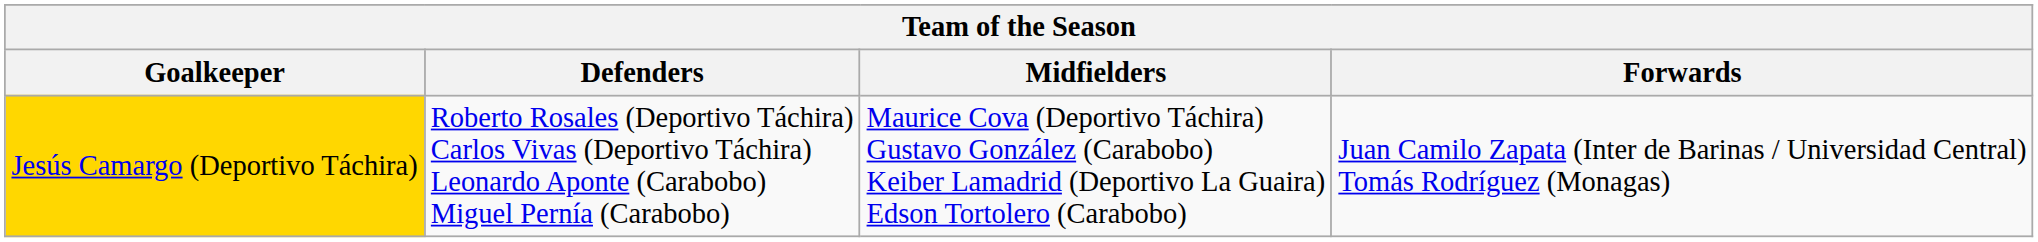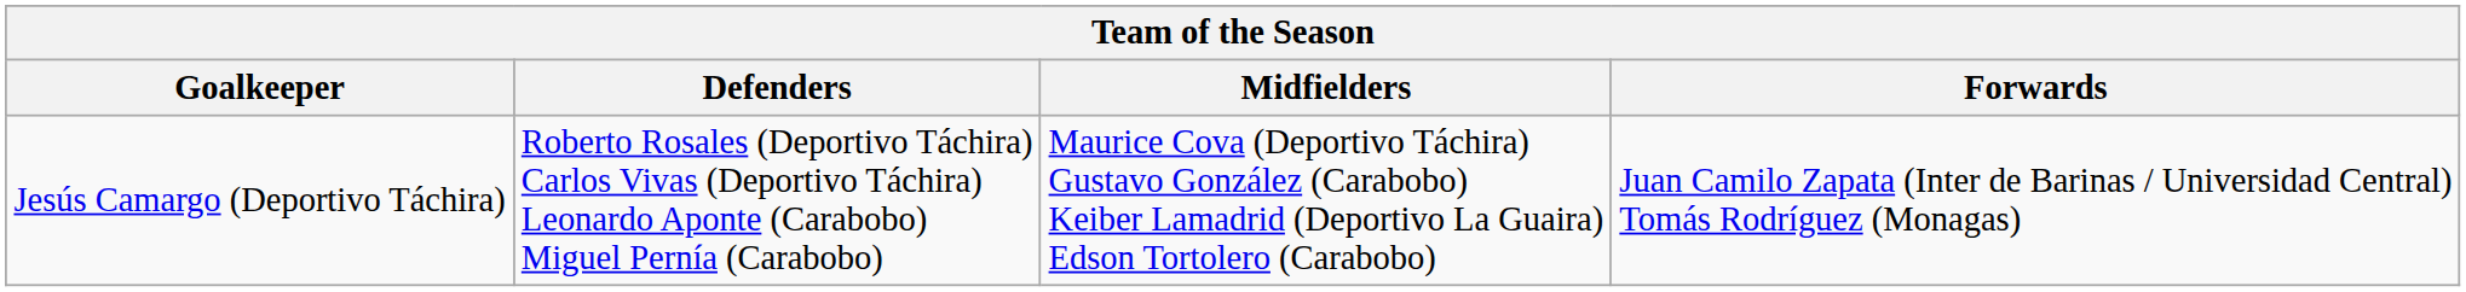 <table class="wikitable">
 <tr>
 <th colspan="13">Team of the Season</th>
 </tr>
 <tr>
 <th>Goalkeeper</th>
 <th>Defenders</th>
 <th>Midfielders</th>
 <th>Forwards</th>
 </tr>
 <tr>
-<td style="background: gold;"> <a href='#'>Jesús Camargo</a> (Deportivo Táchira)</td>
+<td> <a href='#'>Jesús Camargo</a> (Deportivo Táchira)</td>
 <td> <a href='#'>Roberto Rosales</a> (Deportivo Táchira)<br> <a href='#'>Carlos Vivas</a> (Deportivo Táchira)<br> <a href='#'>Leonardo Aponte</a> (Carabobo)<br> <a href='#'>Miguel Pernía</a> (Carabobo)</td>
 <td> <a href='#'>Maurice Cova</a> (Deportivo Táchira)<br> <a href='#'>Gustavo González</a> (Carabobo)<br> <a href='#'>Keiber Lamadrid</a> (Deportivo La Guaira)<br> <a href='#'>Edson Tortolero</a> (Carabobo)</td>
 <td> <a href='#'>Juan Camilo Zapata</a> (Inter de Barinas / Universidad Central)<br> <a href='#'>Tomás Rodríguez</a> (Monagas)</td>
 </tr>
 </table>
